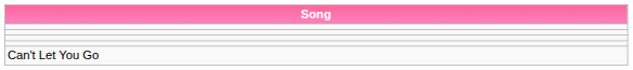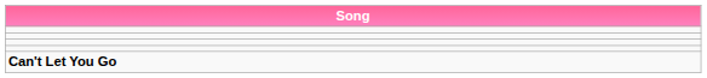 <table class=wikitable width=65%>
 <tr>
 <th style="background:linear-gradient(#FF6699, #FF80BF); color:white" align="center" width="21%">Song</th>
 </tr>
 <tr>
 <td></td>
 </tr>
 <tr>
 <td></td>
 </tr>
 <tr>
 <td></td>
 </tr>
 <tr>
 <td></td>
 </tr>
 <tr>
-<td>Can't Let You Go</td>
+<td><strong>Can't Let You Go</strong></td>
 </tr>
 </table>
